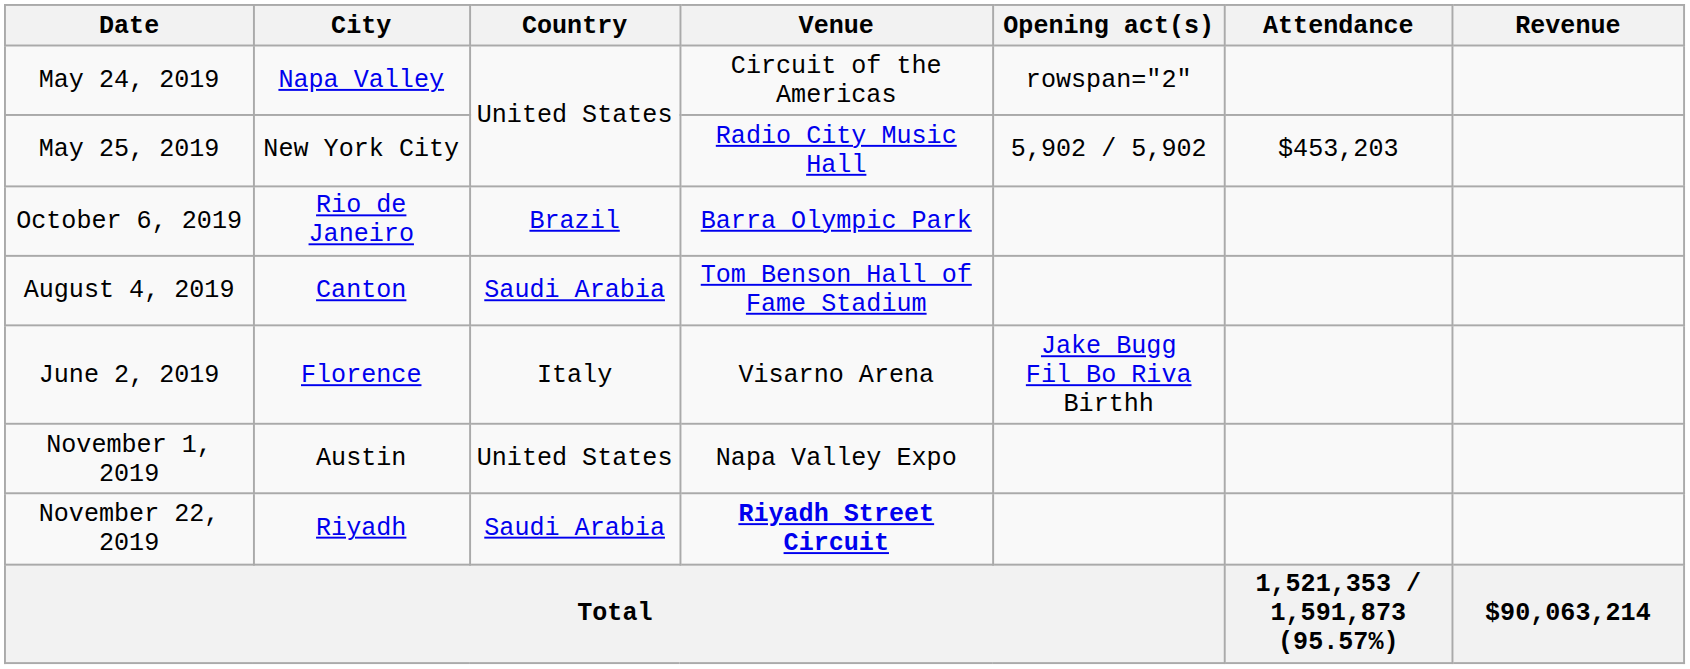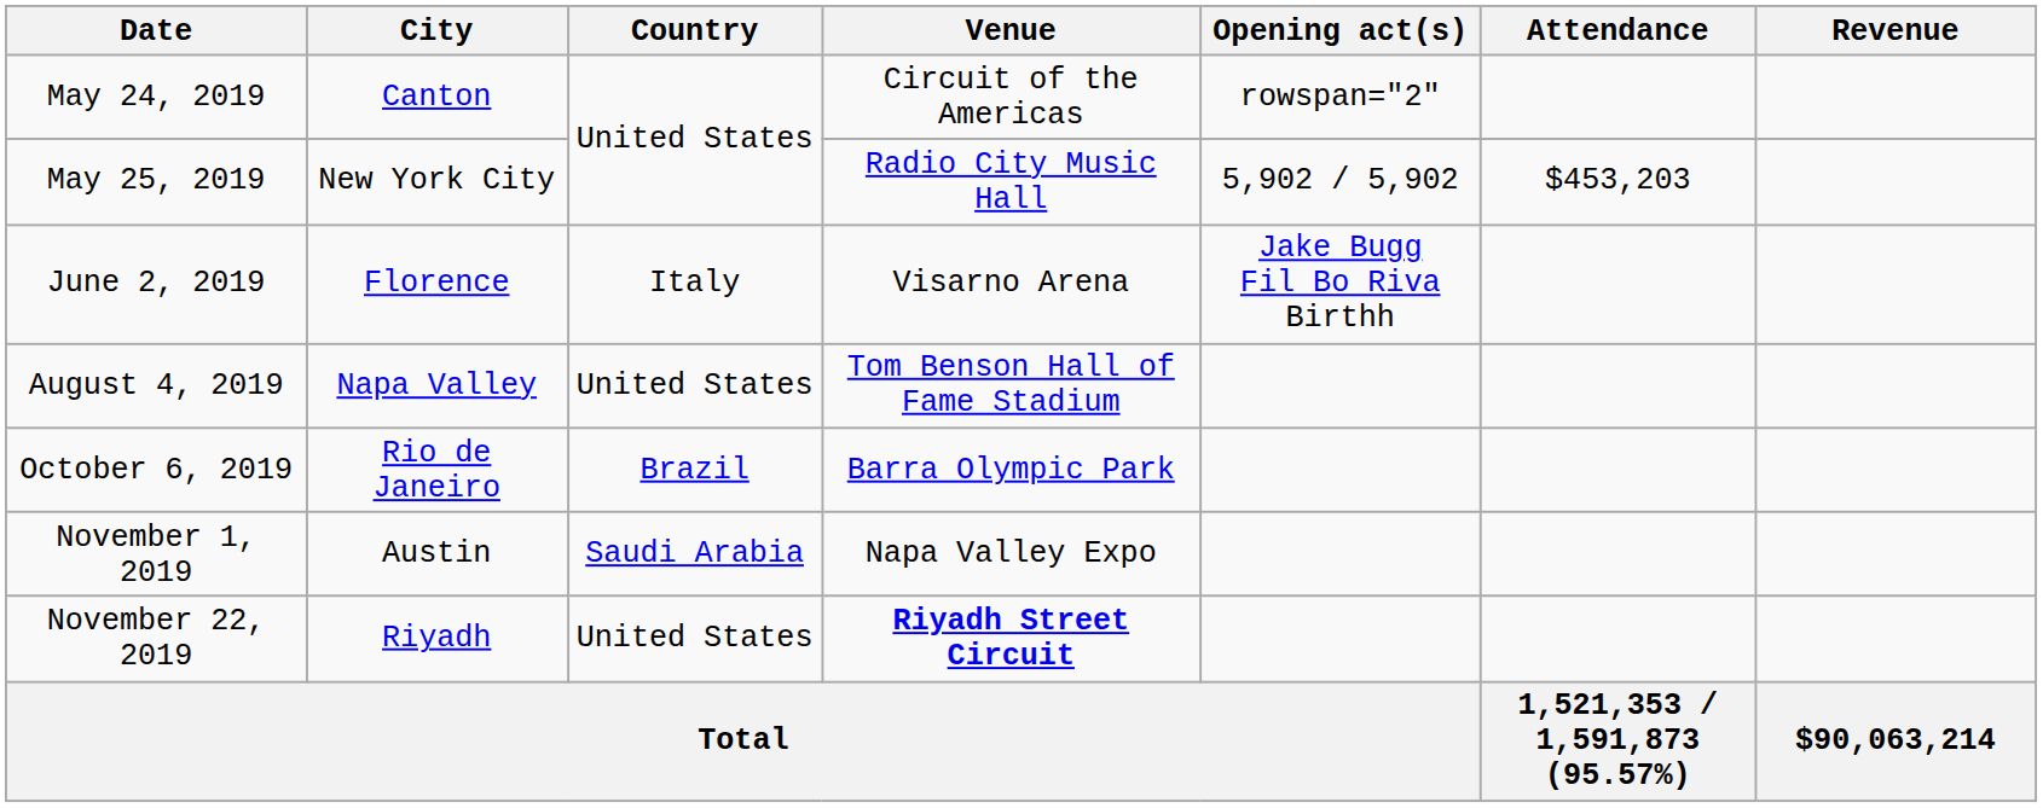 <table class="wikitable plainrowheaders" style="text-align:center;">
 <tr>
 <th scope="col" style="width:12em;">Date</th>
 <th scope="col" style="width:10em;">City</th>
 <th scope="col" style="width:10em;">Country</th>
 <th scope="col" style="width:16em;">Venue</th>
 <th scope="col" style="width:10em;">Opening act(s)</th>
 <th scope="col" style="width:10em;">Attendance</th>
 <th scope="col" style="width:10em;">Revenue</th>
 </tr>
 <tr>
 <td>May 24, 2019</td>
-<td><a href='#'>Napa Valley</a></td>
+<td><a href='#'>Canton</a></td>
 <td rowspan="2">United States</td>
 <td>Circuit of the Americas</td>
 <td>rowspan="2" </td>
 <td></td>
 <td></td>
 </tr>
 <tr>
 <td>May 25, 2019</td>
 <td>New York City</td>
 <td><a href='#'>Radio City Music Hall</a></td>
 <td>5,902 / 5,902</td>
 <td>$453,203</td>
 </tr>
 <tr>
+<td>June 2, 2019</td>
+<td><a href='#'>Florence</a></td>
+<td>Italy</td>
+<td>Visarno Arena</td>
+<td><a href='#'>Jake Bugg</a><br><a href='#'>Fil Bo Riva</a><br>Birthh</td>
+<td></td>
+<td></td>
+</tr>
+<tr>
+<td>August 4, 2019</td>
+<td><a href='#'>Napa Valley</a></td>
+<td>United States</td>
+<td><a href='#'>Tom Benson Hall of Fame Stadium</a></td>
+<td></td>
+<td></td>
+<td></td>
+</tr>
+<tr>
 <td>October 6, 2019</td>
 <td><a href='#'>Rio de Janeiro</a></td>
 <td><a href='#'>Brazil</a></td>
 <td><a href='#'>Barra Olympic Park</a></td>
 <td></td>
 <td></td>
 <td></td>
 </tr>
 <tr>
-<td>August 4, 2019</td>
-<td><a href='#'>Canton</a></td>
-<td><a href='#'>Saudi Arabia</a></td>
-<td><a href='#'>Tom Benson Hall of Fame Stadium</a></td>
-<td></td>
-<td></td>
-<td></td>
-</tr>
-<tr>
-<td>June 2, 2019</td>
-<td><a href='#'>Florence</a></td>
-<td>Italy</td>
-<td>Visarno Arena</td>
-<td><a href='#'>Jake Bugg</a><br><a href='#'>Fil Bo Riva</a><br>Birthh</td>
-<td></td>
-<td></td>
-</tr>
-<tr>
 <td>November 1, 2019</td>
 <td>Austin</td>
-<td>United States</td>
+<td><a href='#'>Saudi Arabia</a></td>
 <td>Napa Valley Expo</td>
 <td></td>
 <td></td>
 <td></td>
 </tr>
 <tr>
 <td>November 22, 2019</td>
 <td><a href='#'>Riyadh</a></td>
-<td><a href='#'>Saudi Arabia</a></td>
+<td>United States</td>
 <td><strong><a href='#'>Riyadh Street Circuit</a></strong></td>
 <td></td>
 <td></td>
 <td></td>
 </tr>
 <tr>
 <th colspan="5">Total</th>
 <th>1,521,353 / 1,591,873 (95.57%)</th>
 <th><strong>$90,063,214</strong></th>
 </tr>
 </table>
